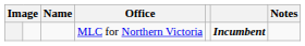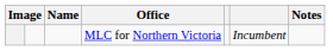 <table class="wikitable" style="text-align:center" "width:100%">
 <tr>
 <th colspan=2>Image</th>
 <th>Name<br></th>
 <th>Office</th>
 <th></th>
 <th></th>
 <th>Notes</th>
 </tr>
 <tr>
 <th style="background:"></th>
 <td></td>
 <td></td>
 <td><a href='#'>MLC</a> for <a href='#'>Northern Victoria</a></td>
 <td></td>
-<td><strong><em>Incumbent</em></strong></td>
+<td><em>Incumbent</em></td>
 <td></td>
 </tr>
 </table>
